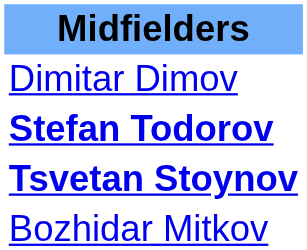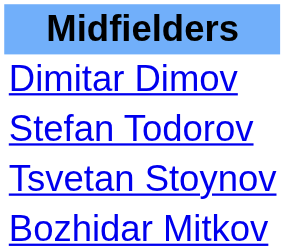 <table class="toccolours" border="0" cellpadding="2" cellspacing="0" align="left" style="margin:0.5em;">
 <tr>
 <th colspan="4" align="center" bgcolor="#71AFFA"><span>Midfielders</span></th>
 </tr>
 <tr>
 <td> <a href='#'>Dimitar Dimov</a></td>
 </tr>
 <tr>
-<td><strong> <a href='#'>Stefan Todorov</a></strong></td>
+<td> <a href='#'>Stefan Todorov</a></td>
 </tr>
 <tr>
-<td><strong> <a href='#'>Tsvetan Stoynov</a></strong></td>
+<td> <a href='#'>Tsvetan Stoynov</a></td>
 </tr>
 <tr>
 <td> <a href='#'>Bozhidar Mitkov</a></td>
 </tr>
 <tr>
 </tr>
 </table>
